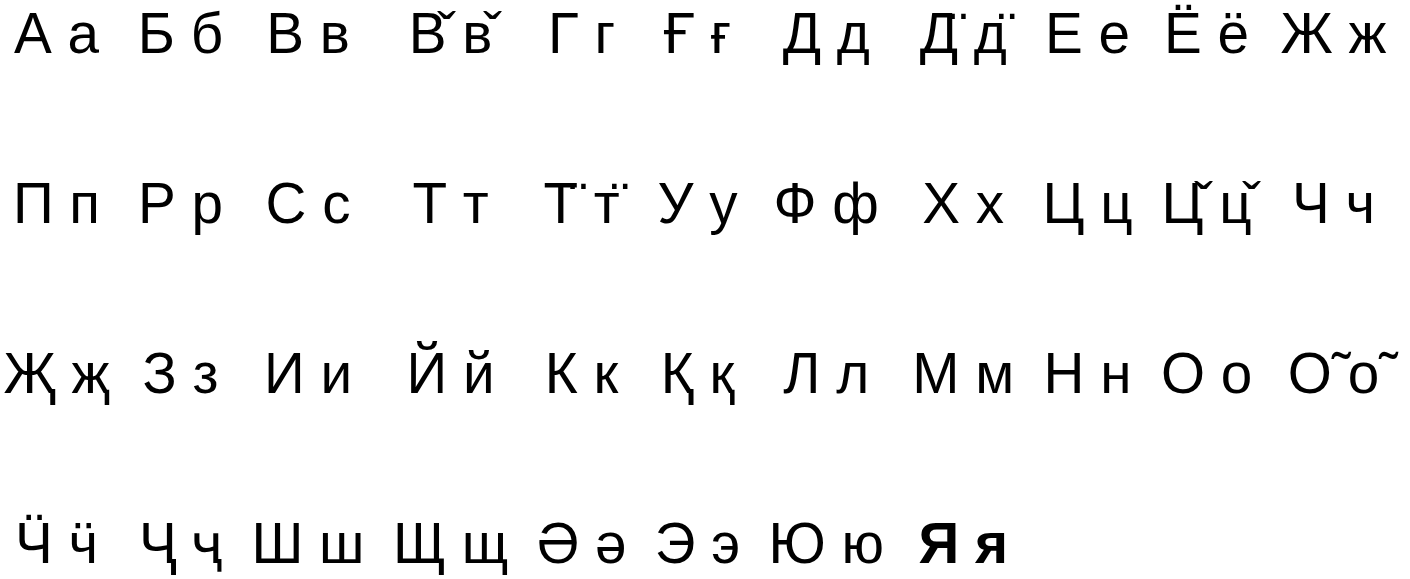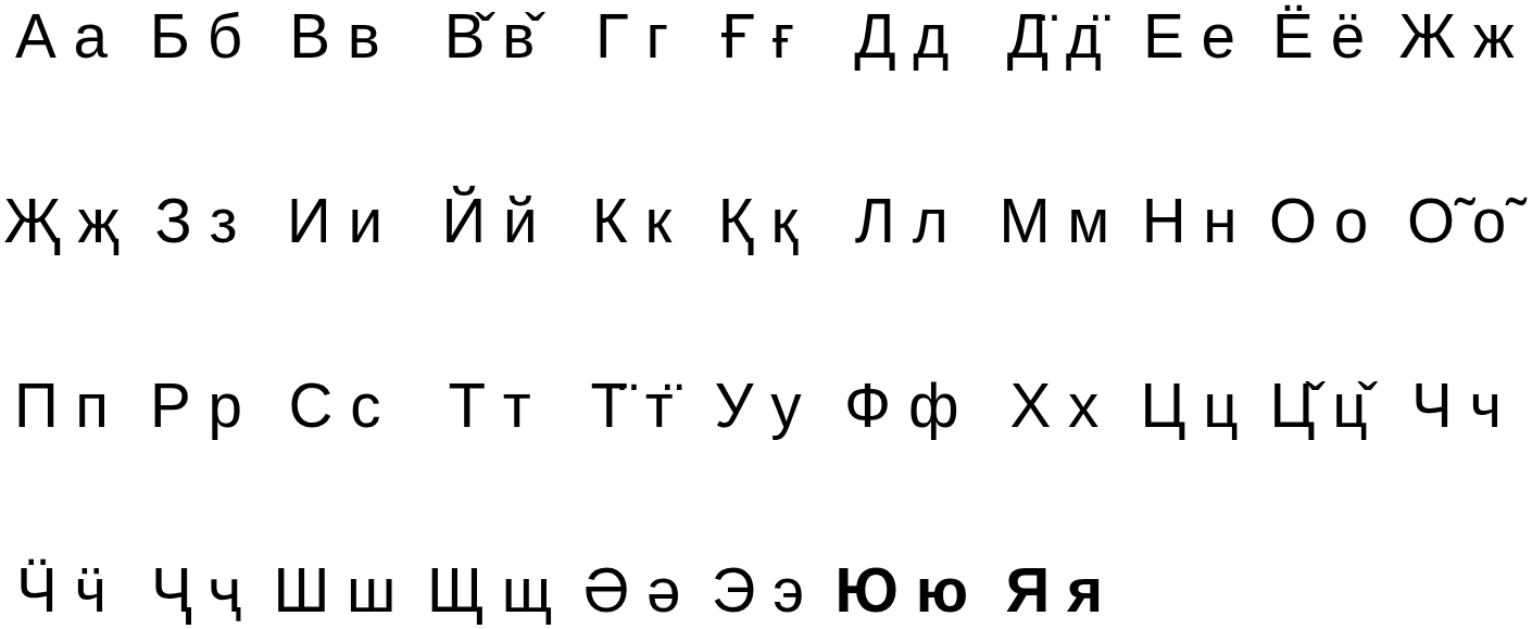 <table class=standard cellpadding=5 style="font-size: 1.5em; line-height: 2.5em; text-align: center;">
 <tr>
 <td style=«width:3em;»>А а</td>
 <td style=«width:3em;»>Б б</td>
 <td style=«width:3em;»>В в</td>
 <td style=«width:3em;»>В̌ в̌</td>
 <td style=«width:3em;»>Г г</td>
 <td style=«width:3em;»>Ғ ғ</td>
 <td style=«width:3em;»>Д д</td>
 <td style=«width:3em;»>Д̈ д̈</td>
 <td style=«width:3em;»>Е е</td>
 <td style=«width:3em;»>Ё ё</td>
 <td style=«width:3em;»>Ж ж</td>
 </tr>
 <tr>
+<td style=«width:3em;»>Җ җ</td>
+<td style=«width:3em;»>З з</td>
+<td style=«width:3em;»>И и</td>
+<td style=«width:3em;»>Й й</td>
+<td style=«width:3em;»>К к</td>
+<td style=«width:3em;»>Қ қ</td>
+<td style=«width:3em;»>Л л</td>
+<td style=«width:3em;»>М м</td>
+<td style=«width:3em;»>Н н</td>
+<td style=«width:3em;»>О о</td>
+<td style=«width:3em;»>О̃ о̃</td>
+</tr>
+<tr>
 <td style=«width:3em;»>П п</td>
 <td style=«width:3em;»>Р р</td>
 <td style=«width:3em;»>С с</td>
 <td style=«width:3em;»>Т т</td>
 <td style=«width:3em;»>Т̈ т̈</td>
 <td style=«width:3em;»>У у</td>
 <td style=«width:3em;»>Ф ф</td>
 <td style=«width:3em;»>Х х</td>
 <td style=«width:3em;»>Ц ц</td>
 <td style=«width:3em;»>Ц̌ ц̌</td>
 <td style=«width:3em;»>Ч ч</td>
 </tr>
 <tr>
-<td style=«width:3em;»>Җ җ</td>
-<td style=«width:3em;»>З з</td>
-<td style=«width:3em;»>И и</td>
-<td style=«width:3em;»>Й й</td>
-<td style=«width:3em;»>К к</td>
-<td style=«width:3em;»>Қ қ</td>
-<td style=«width:3em;»>Л л</td>
-<td style=«width:3em;»>М м</td>
-<td style=«width:3em;»>Н н</td>
-<td style=«width:3em;»>О о</td>
-<td style=«width:3em;»>О̃ о̃</td>
-</tr>
-<tr>
 <td style=«width:3em;»>Ӵ ӵ</td>
 <td style=«width:3em;»>Ҷ ҷ</td>
 <td style=«width:3em;»>Ш ш</td>
 <td style=«width:3em;»>Щ щ</td>
 <td style=«width:3em;»>Ә ә</td>
 <td style=«width:3em;»>Э э</td>
-<td style=«width:3em;»>Ю ю</td>
+<td style=«width:3em;»><strong>Ю ю</strong></td>
 <td style=«width:3em;»><strong>Я я</strong></td>
 </tr>
 </table>
